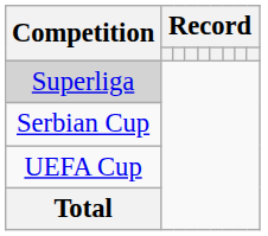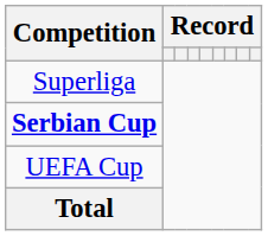 <table class="wikitable" style="text-align: center">
 <tr>
 <th rowspan=2>Competition</th>
 <th colspan=8>Record</th>
 </tr>
 <tr>
 <th></th>
 <th></th>
 <th></th>
 <th></th>
 <th></th>
 <th></th>
 <th></th>
 <th></th>
 </tr>
 <tr>
-<td style="background: lightgrey;"><a href='#'>Superliga</a><br></td>
+<td><a href='#'>Superliga</a><br></td>
 </tr>
 <tr>
-<td><a href='#'>Serbian Cup</a><br></td>
+<td><strong><a href='#'>Serbian Cup</a><br></strong></td>
 </tr>
 <tr>
 <td><a href='#'>UEFA Cup</a><br></td>
 </tr>
 <tr>
 <th>Total<br></th>
 </tr>
 </table>
